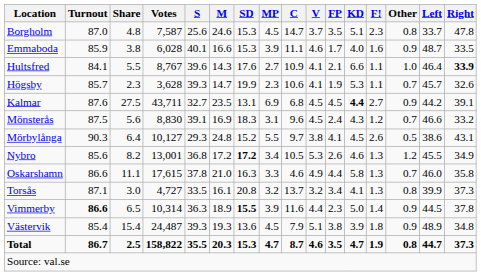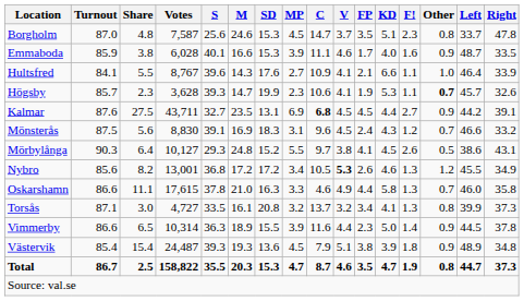 <table class="wikitable sortable" style=text-align:right>
 <tr>
 <th>Location</th>
 <th>Turnout</th>
 <th>Share</th>
 <th>Votes</th>
 <th><a href='#'>S</a></th>
 <th><a href='#'>M</a></th>
 <th><a href='#'>SD</a></th>
 <th><a href='#'>MP</a></th>
 <th><a href='#'>C</a></th>
 <th><a href='#'>V</a></th>
 <th><a href='#'>FP</a></th>
 <th><a href='#'>KD</a></th>
 <th><a href='#'>F!</a></th>
 <th>Other</th>
 <th><a href='#'>Left</a></th>
 <th><a href='#'>Right</a></th>
 </tr>
 <tr>
 <td align=left><a href='#'>Borgholm</a></td>
 <td>87.0</td>
 <td>4.8</td>
 <td>7,587</td>
 <td>25.6</td>
 <td>24.6</td>
 <td>15.3</td>
 <td>4.5</td>
 <td>14.7</td>
 <td>3.7</td>
 <td>3.5</td>
 <td>5.1</td>
 <td>2.3</td>
 <td>0.8</td>
 <td>33.7</td>
 <td>47.8</td>
 </tr>
 <tr>
 <td align=left><a href='#'>Emmaboda</a></td>
 <td>85.9</td>
 <td>3.8</td>
 <td>6,028</td>
 <td>40.1</td>
 <td>16.6</td>
 <td>15.3</td>
 <td>3.9</td>
 <td>11.1</td>
 <td>4.6</td>
 <td>1.7</td>
 <td>4.0</td>
 <td>1.6</td>
 <td>0.9</td>
 <td>48.7</td>
 <td>33.5</td>
 </tr>
 <tr>
 <td align=left><a href='#'>Hultsfred</a></td>
 <td>84.1</td>
 <td>5.5</td>
 <td>8,767</td>
 <td>39.6</td>
 <td>14.3</td>
 <td>17.6</td>
 <td>2.7</td>
 <td>10.9</td>
 <td>4.1</td>
 <td>2.1</td>
 <td>6.6</td>
 <td>1.1</td>
 <td>1.0</td>
 <td>46.4</td>
-<td><strong>33.9</strong></td>
+<td>33.9</td>
 </tr>
 <tr>
 <td align=left><a href='#'>Högsby</a></td>
 <td>85.7</td>
 <td>2.3</td>
 <td>3,628</td>
 <td>39.3</td>
 <td>14.7</td>
 <td>19.9</td>
 <td>2.3</td>
 <td>10.6</td>
 <td>4.1</td>
 <td>1.9</td>
 <td>5.3</td>
 <td>1.1</td>
-<td>0.7</td>
+<td><strong>0.7</strong></td>
 <td>45.7</td>
 <td>32.6</td>
 </tr>
 <tr>
 <td align=left><a href='#'>Kalmar</a></td>
 <td>87.6</td>
 <td>27.5</td>
 <td>43,711</td>
 <td>32.7</td>
 <td>23.5</td>
 <td>13.1</td>
 <td>6.9</td>
-<td>6.8</td>
+<td><strong>6.8</strong></td>
 <td>4.5</td>
 <td>4.5</td>
-<td><strong>4.4</strong></td>
+<td>4.4</td>
 <td>2.7</td>
 <td>0.9</td>
 <td>44.2</td>
 <td>39.1</td>
 </tr>
 <tr>
 <td align=left><a href='#'>Mönsterås</a></td>
 <td>87.5</td>
 <td>5.6</td>
 <td>8,830</td>
 <td>39.1</td>
 <td>16.9</td>
 <td>18.3</td>
 <td>3.1</td>
 <td>9.6</td>
 <td>4.5</td>
 <td>2.4</td>
 <td>4.3</td>
 <td>1.2</td>
 <td>0.7</td>
 <td>46.6</td>
 <td>33.2</td>
 </tr>
 <tr>
 <td align=left><a href='#'>Mörbylånga</a></td>
 <td>90.3</td>
 <td>6.4</td>
 <td>10,127</td>
 <td>29.3</td>
 <td>24.8</td>
 <td>15.2</td>
 <td>5.5</td>
 <td>9.7</td>
 <td>3.8</td>
 <td>4.1</td>
 <td>4.5</td>
 <td>2.6</td>
 <td>0.5</td>
 <td>38.6</td>
 <td>43.1</td>
 </tr>
 <tr>
 <td align=left><a href='#'>Nybro</a></td>
 <td>85.6</td>
 <td>8.2</td>
 <td>13,001</td>
 <td>36.8</td>
 <td>17.2</td>
-<td><strong>17.2</strong></td>
+<td>17.2</td>
 <td>3.4</td>
 <td>10.5</td>
-<td>5.3</td>
+<td><strong>5.3</strong></td>
 <td>2.6</td>
 <td>4.6</td>
 <td>1.3</td>
 <td>1.2</td>
 <td>45.5</td>
 <td>34.9</td>
 </tr>
 <tr>
 <td align=left><a href='#'>Oskarshamn</a></td>
 <td>86.6</td>
 <td>11.1</td>
 <td>17,615</td>
 <td>37.8</td>
 <td>21.0</td>
 <td>16.3</td>
 <td>3.3</td>
 <td>4.6</td>
 <td>4.9</td>
 <td>4.4</td>
 <td>5.8</td>
 <td>1.3</td>
 <td>0.7</td>
 <td>46.0</td>
 <td>35.8</td>
 </tr>
 <tr>
 <td align=left><a href='#'>Torsås</a></td>
 <td>87.1</td>
 <td>3.0</td>
 <td>4,727</td>
 <td>33.5</td>
 <td>16.1</td>
 <td>20.8</td>
 <td>3.2</td>
 <td>13.7</td>
 <td>3.2</td>
 <td>3.4</td>
 <td>4.1</td>
 <td>1.3</td>
 <td>0.8</td>
 <td>39.9</td>
 <td>37.3</td>
 </tr>
 <tr>
 <td align=left><a href='#'>Vimmerby</a></td>
-<td><strong>86.6</strong></td>
+<td>86.6</td>
 <td>6.5</td>
 <td>10,314</td>
 <td>36.3</td>
 <td>18.9</td>
-<td><strong>15.5</strong></td>
+<td>15.5</td>
 <td>3.9</td>
 <td>11.6</td>
 <td>4.4</td>
 <td>2.3</td>
 <td>5.0</td>
 <td>1.4</td>
 <td>0.9</td>
 <td>44.5</td>
 <td>37.8</td>
 </tr>
 <tr>
 <td align=left><a href='#'>Västervik</a></td>
 <td>85.4</td>
 <td>15.4</td>
 <td>24,487</td>
 <td>39.3</td>
 <td>19.3</td>
 <td>13.6</td>
 <td>4.5</td>
 <td>7.9</td>
 <td>5.1</td>
 <td>3.8</td>
 <td>3.9</td>
 <td>1.8</td>
 <td>0.9</td>
 <td>48.9</td>
 <td>34.8</td>
 </tr>
 <tr>
 <td align=left><strong>Total</strong></td>
 <td><strong>86.7</strong></td>
 <td><strong>2.5</strong></td>
 <td><strong>158,822</strong></td>
 <td><strong>35.5</strong></td>
 <td><strong>20.3</strong></td>
 <td><strong>15.3</strong></td>
 <td><strong>4.7</strong></td>
 <td><strong>8.7</strong></td>
 <td><strong>4.6</strong></td>
 <td><strong>3.5</strong></td>
 <td><strong>4.7</strong></td>
 <td><strong>1.9</strong></td>
 <td><strong>0.8</strong></td>
 <td><strong>44.7</strong></td>
 <td><strong>37.3</strong></td>
 </tr>
 <tr>
 <td align=left colspan=16>Source: val.se </td>
 </tr>
 </table>
